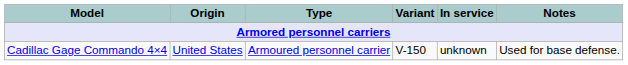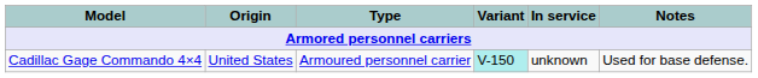 <table class="wikitable">
 <tr>
 <th style="text-align:center; background:#acc;">Model</th>
 <th style="text-align: center; background:#acc;">Origin</th>
 <th style="text-align:l center; background:#acc;">Type</th>
 <th style="text-align:center; background:#acc;">Variant</th>
 <th style="text-align:center; background:#acc;">In service</th>
 <th style="text-align: center; background:#acc;">Notes</th>
 </tr>
 <tr>
 <th style="align: center; background: lavender;" colspan="6"><a href='#'>Armored personnel carriers</a></th>
 </tr>
 <tr>
 <td><a href='#'>Cadillac Gage Commando 4×4</a></td>
 <td><a href='#'>United States</a></td>
 <td><a href='#'>Armoured personnel carrier</a></td>
-<td>V-150</td>
+<td style="background: paleturquoise;">V-150</td>
 <td>unknown</td>
 <td>Used for base defense.</td>
 </tr>
 </table>
